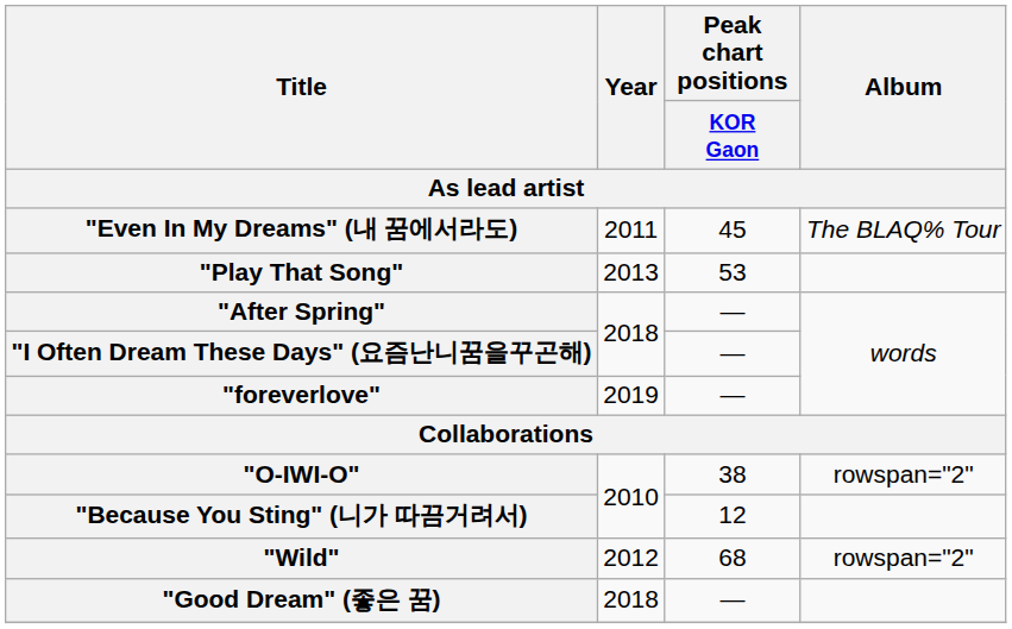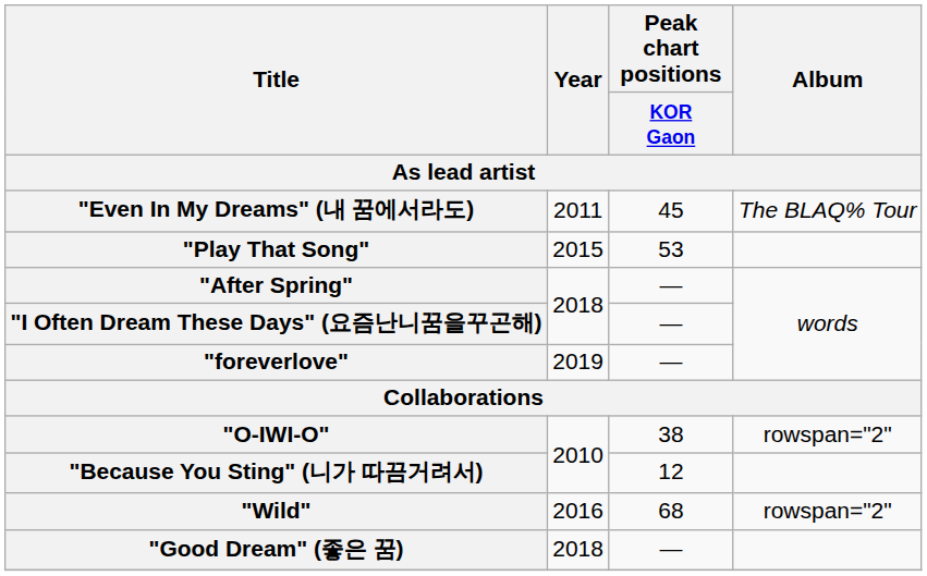 <table class="wikitable plainrowheaders" style="text-align:center;">
 <tr>
 <th rowspan="2" scope="col">Title</th>
 <th rowspan="2" scope="col">Year</th>
 <th colspan="1" scope="col" style="width:5em;">Peak chart positions</th>
 <th rowspan="2" scope="col">Album</th>
 </tr>
 <tr>
 <th><small><a href='#'>KOR<br>Gaon</a></small><br></th>
 </tr>
 <tr>
 <th colspan="4">As lead artist</th>
 </tr>
 <tr>
 <th scope="row">"Even In My Dreams" (내 꿈에서라도)</th>
 <td>2011</td>
 <td>45</td>
 <td><em>The BLAQ% Tour</em></td>
 </tr>
 <tr>
 <th scope="row">"Play That Song"</th>
-<td>2013</td>
+<td>2015</td>
 <td>53</td>
 </tr>
 <tr>
 <th scope="row">"After Spring"</th>
 <td rowspan="2">2018</td>
 <td>—</td>
 <td rowspan="3"><em>words</em></td>
 </tr>
 <tr>
 <th scope="row">"I Often Dream These Days" (요즘난니꿈을꾸곤해)</th>
 <td>—</td>
 </tr>
 <tr>
 <th scope="row">"foreverlove"</th>
 <td>2019</td>
 <td>—</td>
 </tr>
 <tr>
 <th colspan="4">Collaborations</th>
 </tr>
 <tr>
 <th scope="row">"O-IWI-O"<br></th>
 <td rowspan="2">2010</td>
 <td>38</td>
 <td>rowspan="2" </td>
 </tr>
 <tr>
 <th scope="row">"Because You Sting" (니가 따끔거려서)<br></th>
 <td>12</td>
 </tr>
 <tr>
 <th scope="row">"Wild"<br></th>
-<td>2012</td>
+<td>2016</td>
 <td>68</td>
 <td>rowspan="2" </td>
 </tr>
 <tr>
 <th scope="row">"Good Dream" (좋은 꿈)<br></th>
 <td>2018</td>
 <td>—</td>
 <td></td>
 </tr>
 <tr>
 </tr>
 </table>
